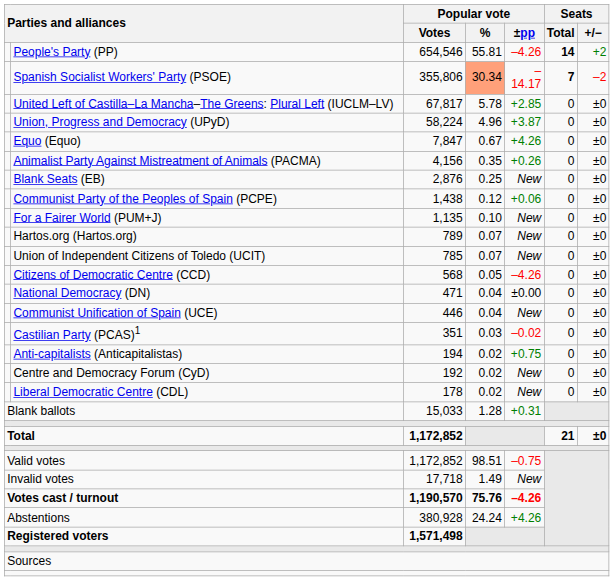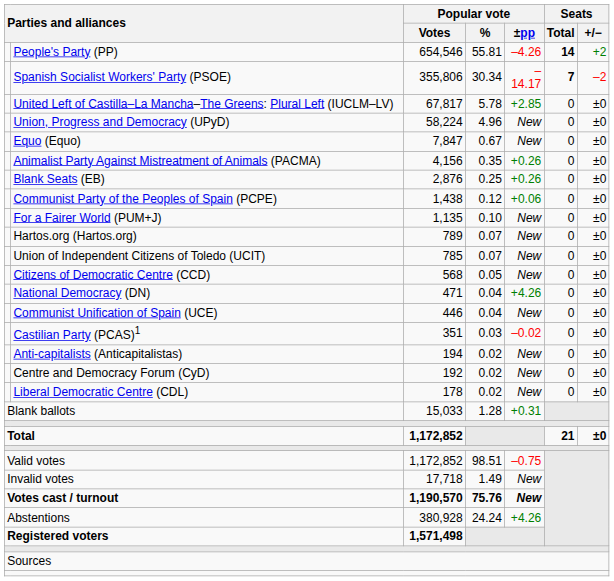 <table class="wikitable" style="text-align:right;">
 <tr>
 <th style="text-align:left;" rowspan="2" colspan="2" width="525">Parties and alliances</th>
 <th colspan="3">Popular vote</th>
 <th colspan="2">Seats</th>
 </tr>
 <tr>
 <th width="75">Votes</th>
 <th width="45">%</th>
 <th width="45">±<a href='#'>pp</a></th>
 <th width="35">Total</th>
 <th width="35">+/−</th>
 </tr>
 <tr>
 <td width="1" style="color:inherit;background:"></td>
 <td align="left"><a href='#'>People's Party</a> (PP)</td>
 <td>654,546</td>
 <td>55.81</td>
 <td style="color:red;">–4.26</td>
 <td><strong>14</strong></td>
 <td style="color:green;">+2</td>
 </tr>
 <tr>
 <td style="color:inherit;background:"></td>
 <td align="left"><a href='#'>Spanish Socialist Workers' Party</a> (PSOE)</td>
 <td>355,806</td>
-<td style="background: lightsalmon;">30.34</td>
+<td>30.34</td>
 <td style="color:red;">–14.17</td>
 <td><strong>7</strong></td>
 <td style="color:red;">–2</td>
 </tr>
 <tr>
 <td style="color:inherit;background:"></td>
 <td align="left"><a href='#'>United Left of Castilla–La Mancha</a>–<a href='#'>The Greens</a>: <a href='#'>Plural Left</a> (IUCLM–LV)</td>
 <td>67,817</td>
 <td>5.78</td>
 <td style="color:green;">+2.85</td>
 <td>0</td>
 <td>±0</td>
 </tr>
 <tr>
 <td style="color:inherit;background:"></td>
 <td align="left"><a href='#'>Union, Progress and Democracy</a> (UPyD)</td>
 <td>58,224</td>
 <td>4.96</td>
-<td style="color:green;">+3.87</td>
+<td><em>New</em></td>
 <td>0</td>
 <td>±0</td>
 </tr>
 <tr>
 <td style="color:inherit;background:"></td>
 <td align="left"><a href='#'>Equo</a> (Equo)</td>
 <td>7,847</td>
 <td>0.67</td>
-<td style="color:green;">+4.26</td>
+<td><em>New</em></td>
 <td>0</td>
 <td>±0</td>
 </tr>
 <tr>
 <td style="color:inherit;background:"></td>
 <td align="left"><a href='#'>Animalist Party Against Mistreatment of Animals</a> (PACMA)</td>
 <td>4,156</td>
 <td>0.35</td>
 <td style="color:green;">+0.26</td>
 <td>0</td>
 <td>±0</td>
 </tr>
 <tr>
 <td style="color:inherit;background:"></td>
 <td align="left"><a href='#'>Blank Seats</a> (EB)</td>
 <td>2,876</td>
 <td>0.25</td>
-<td><em>New</em></td>
+<td style="color:green;">+0.26</td>
 <td>0</td>
 <td>±0</td>
 </tr>
 <tr>
 <td style="color:inherit;background:"></td>
 <td align="left"><a href='#'>Communist Party of the Peoples of Spain</a> (PCPE)</td>
 <td>1,438</td>
 <td>0.12</td>
 <td style="color:green;">+0.06</td>
 <td>0</td>
 <td>±0</td>
 </tr>
 <tr>
 <td style="color:inherit;background:"></td>
 <td align="left"><a href='#'>For a Fairer World</a> (PUM+J)</td>
 <td>1,135</td>
 <td>0.10</td>
 <td><em>New</em></td>
 <td>0</td>
 <td>±0</td>
 </tr>
 <tr>
 <td style="color:inherit;background:"></td>
 <td align="left">Hartos.org (Hartos.org)</td>
 <td>789</td>
 <td>0.07</td>
 <td><em>New</em></td>
 <td>0</td>
 <td>±0</td>
 </tr>
 <tr>
 <td style="color:inherit;background:"></td>
 <td align="left">Union of Independent Citizens of Toledo (UCIT)</td>
 <td>785</td>
 <td>0.07</td>
 <td><em>New</em></td>
 <td>0</td>
 <td>±0</td>
 </tr>
 <tr>
 <td style="color:inherit;background:"></td>
 <td align="left"><a href='#'>Citizens of Democratic Centre</a> (CCD)</td>
 <td>568</td>
 <td>0.05</td>
-<td style="color:red;">–4.26</td>
+<td><em>New</em></td>
 <td>0</td>
 <td>±0</td>
 </tr>
 <tr>
 <td style="color:inherit;background:"></td>
 <td align="left"><a href='#'>National Democracy</a> (DN)</td>
 <td>471</td>
 <td>0.04</td>
-<td>±0.00</td>
+<td style="color:green;">+4.26</td>
 <td>0</td>
 <td>±0</td>
 </tr>
 <tr>
 <td style="color:inherit;background:"></td>
 <td align="left"><a href='#'>Communist Unification of Spain</a> (UCE)</td>
 <td>446</td>
 <td>0.04</td>
 <td><em>New</em></td>
 <td>0</td>
 <td>±0</td>
 </tr>
 <tr>
 <td style="color:inherit;background:"></td>
 <td align="left"><a href='#'>Castilian Party</a> (PCAS)<sup>1</sup></td>
 <td>351</td>
 <td>0.03</td>
 <td style="color:red;">–0.02</td>
 <td>0</td>
 <td>±0</td>
 </tr>
 <tr>
 <td style="color:inherit;background:"></td>
 <td align="left"><a href='#'>Anti-capitalists</a> (Anticapitalistas)</td>
 <td>194</td>
 <td>0.02</td>
-<td style="color:green;">+0.75</td>
+<td><em>New</em></td>
 <td>0</td>
 <td>±0</td>
 </tr>
 <tr>
 <td style="color:inherit;background:"></td>
 <td align="left">Centre and Democracy Forum (CyD)</td>
 <td>192</td>
 <td>0.02</td>
 <td><em>New</em></td>
 <td>0</td>
 <td>±0</td>
 </tr>
 <tr>
 <td style="color:inherit;background:"></td>
 <td align="left"><a href='#'>Liberal Democratic Centre</a> (CDL)</td>
 <td>178</td>
 <td>0.02</td>
 <td><em>New</em></td>
 <td>0</td>
 <td>±0</td>
 </tr>
 <tr>
 <td align="left" colspan="2">Blank ballots</td>
 <td>15,033</td>
 <td>1.28</td>
 <td style="color:green;">+0.31</td>
 <td bgcolor="#E9E9E9" colspan="2"></td>
 </tr>
 <tr>
 <td colspan="7" bgcolor="#E9E9E9"></td>
 </tr>
 <tr style="font-weight:bold;">
 <td align="left" colspan="2">Total</td>
 <td>1,172,852</td>
 <td bgcolor="#E9E9E9" colspan="2"></td>
 <td>21</td>
 <td>±0</td>
 </tr>
 <tr>
 <td colspan="7" bgcolor="#E9E9E9"></td>
 </tr>
 <tr>
 <td align="left" colspan="2">Valid votes</td>
 <td>1,172,852</td>
 <td>98.51</td>
 <td style="color:red;">–0.75</td>
 <td bgcolor="#E9E9E9" colspan="2" rowspan="5"></td>
 </tr>
 <tr>
 <td align="left" colspan="2">Invalid votes</td>
 <td>17,718</td>
 <td>1.49</td>
 <td><em>New</em></td>
 </tr>
 <tr style="font-weight:bold;">
 <td align="left" colspan="2">Votes cast / turnout</td>
 <td>1,190,570</td>
 <td>75.76</td>
-<td style="color:red;">–4.26</td>
+<td><em>New</em></td>
 </tr>
 <tr>
 <td align="left" colspan="2">Abstentions</td>
 <td>380,928</td>
 <td>24.24</td>
 <td style="color:green;">+4.26</td>
 </tr>
 <tr style="font-weight:bold;">
 <td align="left" colspan="2">Registered voters</td>
 <td>1,571,498</td>
 <td bgcolor="#E9E9E9" colspan="2"></td>
 </tr>
 <tr>
 <td colspan="7" bgcolor="#E9E9E9"></td>
 </tr>
 <tr>
 <td align="left" colspan="7">Sources</td>
 </tr>
 <tr>
 <td colspan="7" style="text-align:left; max-width:790px;"></td>
 </tr>
 </table>
